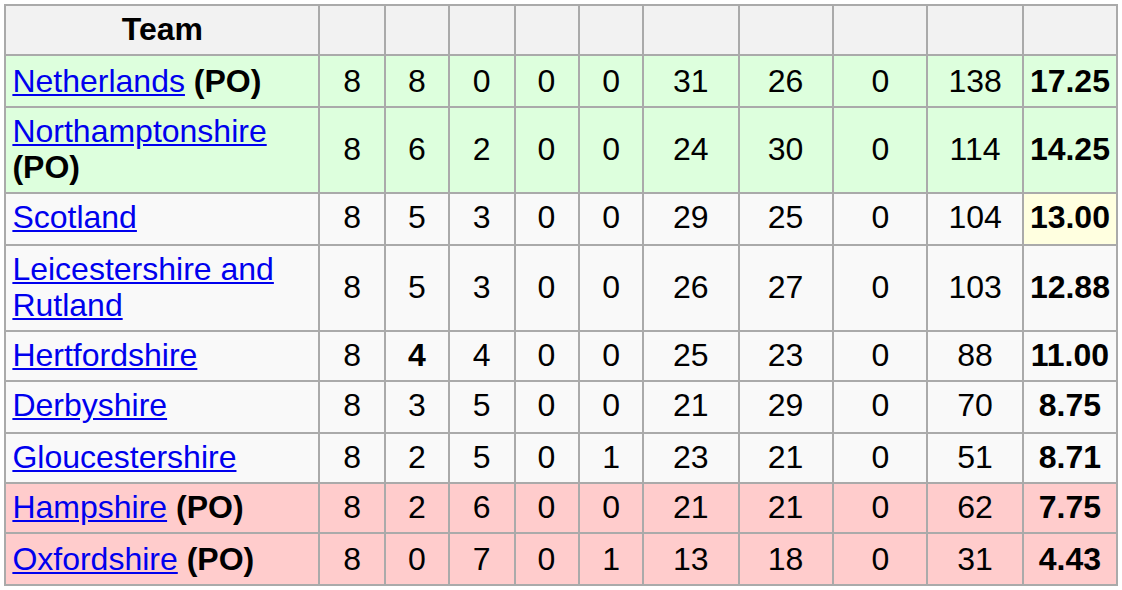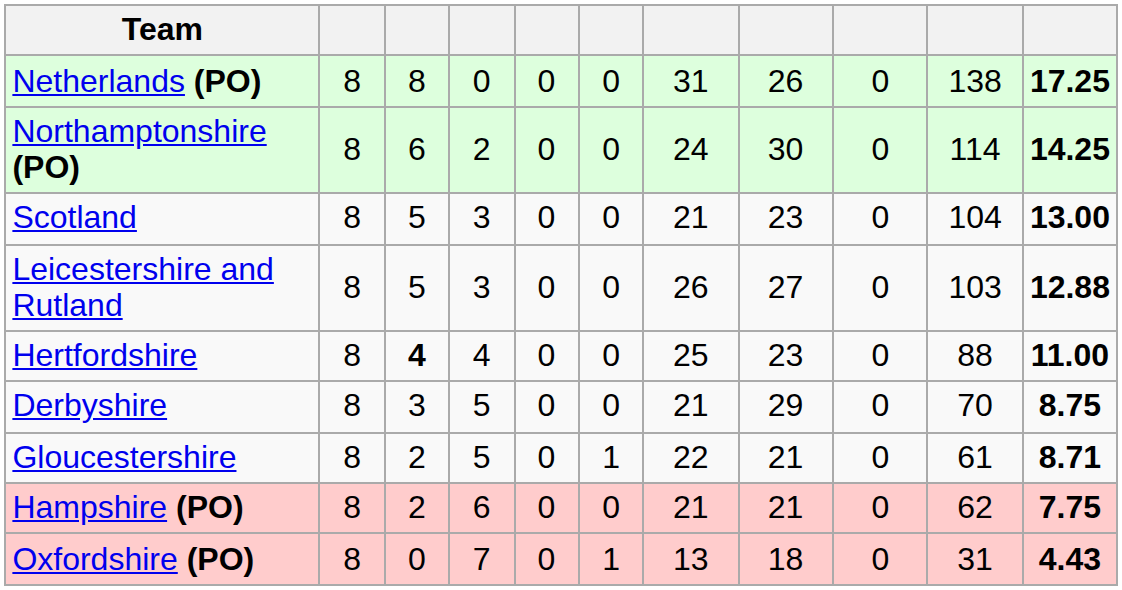 <table class="wikitable" style="text-align:center">
 <tr>
 <th width="150">Team</th>
 <th width="25"></th>
 <th width="25"></th>
 <th width="25"></th>
 <th width="25"></th>
 <th width="25"></th>
 <th width="40"></th>
 <th width="40"></th>
 <th width="40"></th>
 <th width="40"></th>
 <th width="40"></th>
 </tr>
 <tr style="background:#dfd;">
 <td style="text-align:left"><a href='#'>Netherlands</a> <strong>(PO)</strong></td>
 <td>8</td>
 <td>8</td>
 <td>0</td>
 <td>0</td>
 <td>0</td>
 <td>31</td>
 <td>26</td>
 <td>0</td>
 <td>138</td>
 <td><strong>17.25</strong></td>
 </tr>
 <tr style="background:#dfd;">
 <td style="text-align:left"><a href='#'>Northamptonshire</a> <strong>(PO)</strong></td>
 <td>8</td>
 <td>6</td>
 <td>2</td>
 <td>0</td>
 <td>0</td>
 <td>24</td>
 <td>30</td>
 <td>0</td>
 <td>114</td>
 <td><strong>14.25</strong></td>
 </tr>
 <tr>
 <td style="text-align:left"><a href='#'>Scotland</a></td>
 <td>8</td>
 <td>5</td>
 <td>3</td>
 <td>0</td>
 <td>0</td>
-<td>29</td>
-<td>25</td>
+<td>21</td>
+<td>23</td>
 <td>0</td>
 <td>104</td>
-<td style="background: lightyellow;"><strong>13.00</strong></td>
+<td><strong>13.00</strong></td>
 </tr>
 <tr>
 <td style="text-align:left"><a href='#'>Leicestershire and Rutland</a></td>
 <td>8</td>
 <td>5</td>
 <td>3</td>
 <td>0</td>
 <td>0</td>
 <td>26</td>
 <td>27</td>
 <td>0</td>
 <td>103</td>
 <td><strong>12.88</strong></td>
 </tr>
 <tr>
 <td style="text-align:left"><a href='#'>Hertfordshire</a></td>
 <td>8</td>
 <td><strong>4</strong></td>
 <td>4</td>
 <td>0</td>
 <td>0</td>
 <td>25</td>
 <td>23</td>
 <td>0</td>
 <td>88</td>
 <td><strong>11.00</strong></td>
 </tr>
 <tr>
 <td style="text-align:left"><a href='#'>Derbyshire</a></td>
 <td>8</td>
 <td>3</td>
 <td>5</td>
 <td>0</td>
 <td>0</td>
 <td>21</td>
 <td>29</td>
 <td>0</td>
 <td>70</td>
 <td><strong>8.75</strong></td>
 </tr>
 <tr>
 <td style="text-align:left"><a href='#'>Gloucestershire</a></td>
 <td>8</td>
 <td>2</td>
 <td>5</td>
 <td>0</td>
 <td>1</td>
-<td>23</td>
+<td>22</td>
 <td>21</td>
 <td>0</td>
-<td>51</td>
+<td>61</td>
 <td><strong>8.71</strong></td>
 </tr>
 <tr style="background:#FFCCCC">
 <td style="text-align:left"><a href='#'>Hampshire</a> <strong>(PO)</strong></td>
 <td>8</td>
 <td>2</td>
 <td>6</td>
 <td>0</td>
 <td>0</td>
 <td>21</td>
 <td>21</td>
 <td>0</td>
 <td>62</td>
 <td><strong>7.75</strong></td>
 </tr>
 <tr style="background:#FFCCCC">
 <td style="text-align:left"><a href='#'>Oxfordshire</a>  <strong>(PO)</strong></td>
 <td>8</td>
 <td>0</td>
 <td>7</td>
 <td>0</td>
 <td>1</td>
 <td>13</td>
 <td>18</td>
 <td>0</td>
 <td>31</td>
 <td><strong>4.43</strong></td>
 </tr>
 </table>
